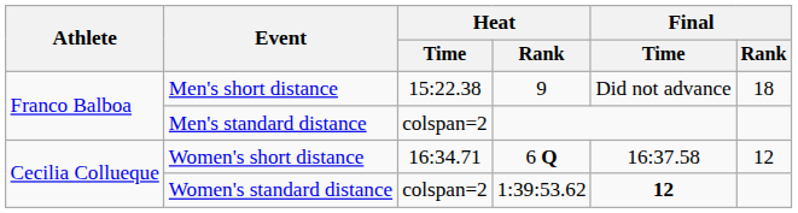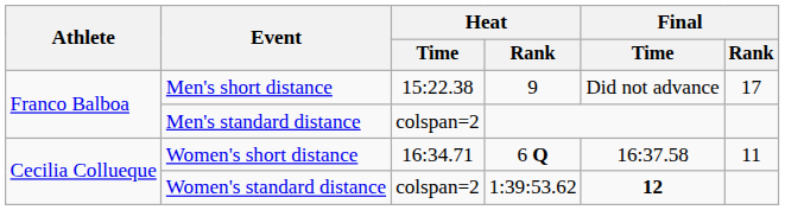 <table class=wikitable style=font-size:90%;text-align:center>
 <tr>
 <th rowspan=2>Athlete</th>
 <th rowspan=2>Event</th>
 <th colspan=2>Heat</th>
 <th colspan=2>Final</th>
 </tr>
 <tr style=font-size:95%>
 <th>Time</th>
 <th>Rank</th>
 <th>Time</th>
 <th>Rank</th>
 </tr>
 <tr>
 <td align=left rowspan=2><a href='#'>Franco Balboa</a></td>
 <td align=left><a href='#'>Men's short distance</a></td>
 <td>15:22.38</td>
 <td>9</td>
 <td>Did not advance</td>
-<td>18</td>
+<td>17</td>
 </tr>
 <tr>
 <td align=left><a href='#'>Men's standard distance</a></td>
 <td>colspan=2 </td>
 <td colspan=2></td>
 </tr>
 <tr>
 <td align=left rowspan=2><a href='#'>Cecilia Collueque</a></td>
 <td align=left><a href='#'>Women's short distance</a></td>
 <td>16:34.71</td>
 <td>6 <strong>Q</strong></td>
 <td>16:37.58</td>
-<td>12</td>
+<td>11</td>
 </tr>
 <tr>
 <td align=left><a href='#'>Women's standard distance</a></td>
 <td>colspan=2 </td>
 <td>1:39:53.62</td>
 <td><strong>12</strong></td>
 </tr>
 </table>
